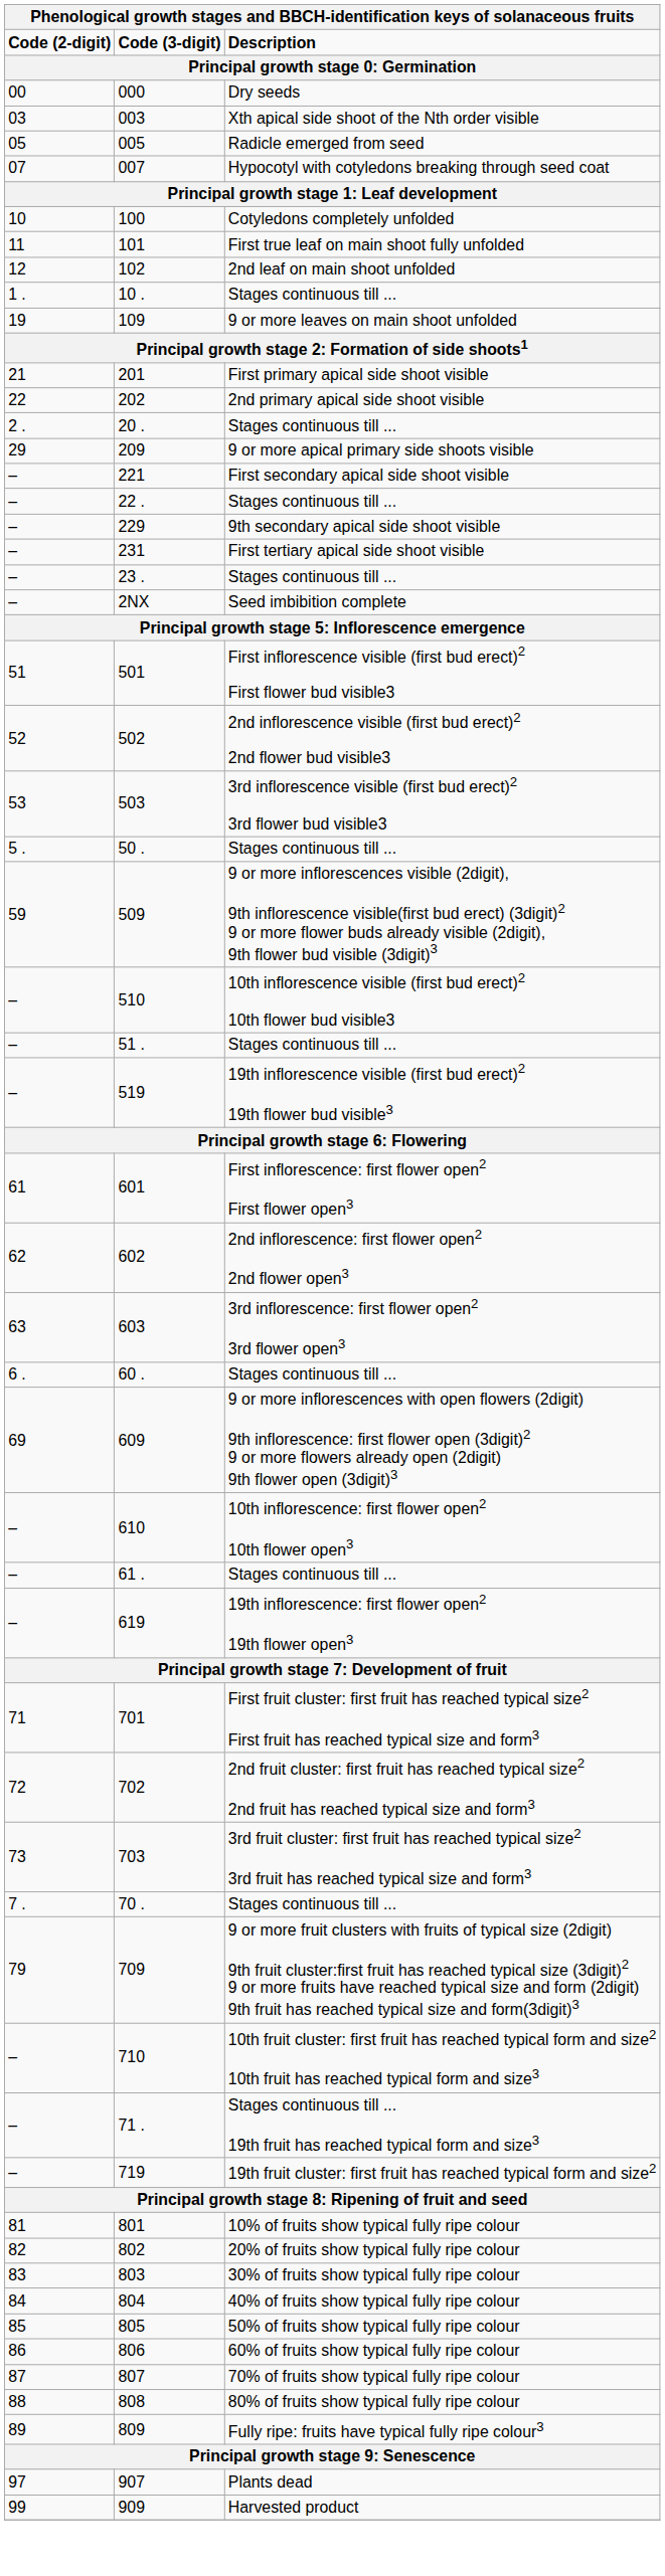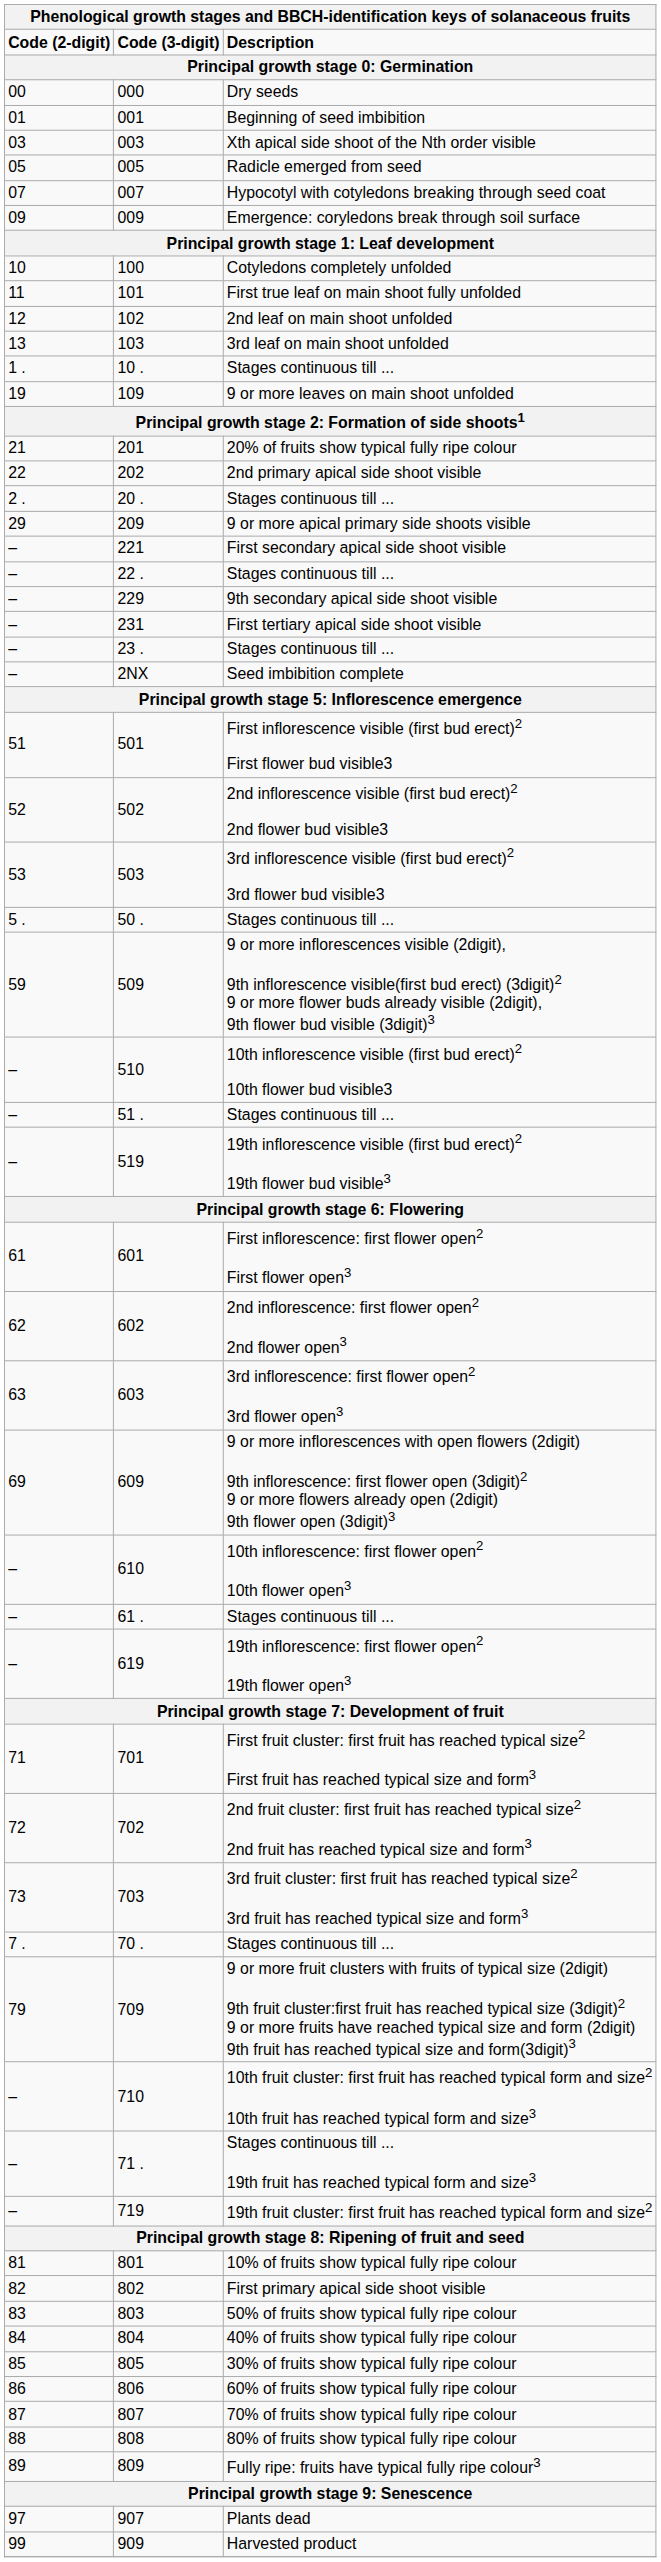 <table class="wikitable" style="clear">
 <tr>
 <th colspan=3><strong>Phenological growth stages and BBCH-identification keys of solanaceous fruits</strong><br></th>
 </tr>
 <tr>
 <td><strong>Code (2-digit)</strong></td>
 <td><strong>Code (3-digit)</strong></td>
 <td><strong>Description</strong></td>
 </tr>
 <tr>
 <th colspan=3>Principal growth stage 0: Germination</th>
 </tr>
 <tr>
 <td>00</td>
 <td>000</td>
 <td>Dry seeds</td>
 </tr>
 <tr>
+<td>01</td>
+<td>001</td>
+<td>Beginning of seed imbibition</td>
+</tr>
+<tr>
 <td>03</td>
 <td>003</td>
 <td>Xth apical side shoot of the Nth order visible</td>
 </tr>
 <tr>
 <td>05</td>
 <td>005</td>
 <td>Radicle emerged from seed</td>
 </tr>
 <tr>
 <td>07</td>
 <td>007</td>
 <td>Hypocotyl with cotyledons breaking through seed coat</td>
+</tr>
+<tr>
+<td>09</td>
+<td>009</td>
+<td>Emergence: coryledons break through soil surface</td>
 </tr>
 <tr>
 <th colspan=3>Principal growth stage 1: Leaf development</th>
 </tr>
 <tr>
 <td>10</td>
 <td>100</td>
 <td>Cotyledons completely unfolded</td>
 </tr>
 <tr>
 <td>11</td>
 <td>101</td>
 <td>First true leaf on main shoot fully unfolded</td>
 </tr>
 <tr>
 <td>12</td>
 <td>102</td>
 <td>2nd leaf on main shoot unfolded</td>
 </tr>
 <tr>
+<td>13</td>
+<td>103</td>
+<td>3rd leaf on main shoot unfolded</td>
+</tr>
+<tr>
 <td>1 .</td>
 <td>10 .</td>
 <td>Stages continuous till ...</td>
 </tr>
 <tr>
 <td>19</td>
 <td>109</td>
 <td>9 or more leaves on main shoot unfolded</td>
 </tr>
 <tr>
 <th colspan=3>Principal growth stage 2: Formation of side shoots<sup>1</sup></th>
 </tr>
 <tr>
 <td>21</td>
 <td>201</td>
-<td>First primary apical side shoot visible</td>
+<td>20% of fruits show typical fully ripe colour</td>
 </tr>
 <tr>
 <td>22</td>
 <td>202</td>
 <td>2nd primary apical side shoot visible</td>
 </tr>
 <tr>
 <td>2 .</td>
 <td>20 .</td>
 <td>Stages continuous till ...</td>
 </tr>
 <tr>
 <td>29</td>
 <td>209</td>
 <td>9 or more apical primary side shoots visible</td>
 </tr>
 <tr>
 <td>–</td>
 <td>221</td>
 <td>First secondary apical side shoot visible</td>
 </tr>
 <tr>
 <td>–</td>
 <td>22 .</td>
 <td>Stages continuous till ...</td>
 </tr>
 <tr>
 <td>–</td>
 <td>229</td>
 <td>9th secondary apical side shoot visible</td>
 </tr>
 <tr>
 <td>–</td>
 <td>231</td>
 <td>First tertiary apical side shoot visible</td>
 </tr>
 <tr>
 <td>–</td>
 <td>23 .</td>
 <td>Stages continuous till ...</td>
 </tr>
 <tr>
 <td>–</td>
 <td>2NX</td>
 <td>Seed imbibition complete</td>
 </tr>
 <tr>
 <th colspan=3>Principal growth stage 5: Inflorescence emergence</th>
 </tr>
 <tr>
 <td>51</td>
 <td>501</td>
 <td>First inflorescence visible (first bud erect)<sup>2</sup> <br><br>First flower bud visible3</td>
 </tr>
 <tr>
 <td>52</td>
 <td>502</td>
 <td>2nd inflorescence visible (first bud erect)<sup>2</sup><br><br>2nd flower bud visible3</td>
 </tr>
 <tr>
 <td>53</td>
 <td>503</td>
 <td>3rd inflorescence visible (first bud erect)<sup>2</sup><br><br>3rd flower bud visible3</td>
 </tr>
 <tr>
 <td>5 .</td>
 <td>50 .</td>
 <td>Stages continuous till ...</td>
 </tr>
 <tr>
 <td>59</td>
 <td>509</td>
 <td>9 or more inflorescences visible (2digit),<br><br>9th inflorescence visible(first bud erect) (3digit)<sup>2</sup><br> 9 or more flower buds already visible (2digit), <br> 9th flower bud visible (3digit)<sup>3</sup></td>
 </tr>
 <tr>
 <td>–</td>
 <td>510</td>
 <td>10th inflorescence visible (first bud erect)<sup>2</sup> <br><br>10th flower bud visible3</td>
 </tr>
 <tr>
 <td>–</td>
 <td>51 .</td>
 <td>Stages continuous till ...</td>
 </tr>
 <tr>
 <td>–</td>
 <td>519</td>
 <td>19th inflorescence visible (first bud erect)<sup>2</sup><br><br>19th flower bud visible<sup>3</sup></td>
 </tr>
 <tr>
 <th colspan=3>Principal growth stage 6: Flowering</th>
 </tr>
 <tr>
 <td>61</td>
 <td>601</td>
 <td>First inflorescence: first flower open<sup>2</sup><br><br>First flower open<sup>3</sup></td>
 </tr>
 <tr>
 <td>62</td>
 <td>602</td>
 <td>2nd inflorescence: first flower open<sup>2</sup><br><br>2nd flower open<sup>3</sup></td>
 </tr>
 <tr>
 <td>63</td>
 <td>603</td>
 <td>3rd inflorescence: first flower open<sup>2</sup> <br><br>3rd flower open<sup>3</sup></td>
 </tr>
 <tr>
-<td>6 .</td>
-<td>60 .</td>
-<td>Stages continuous till ...</td>
-</tr>
-<tr>
 <td>69</td>
 <td>609</td>
 <td>9 or more inflorescences with open flowers (2digit) <br><br>9th inflorescence: first flower open (3digit)<sup>2</sup> <br> 9 or more flowers already open (2digit)  <br> 9th flower open (3digit)<sup>3</sup></td>
 </tr>
 <tr>
 <td>–</td>
 <td>610</td>
 <td>10th inflorescence: first flower open<sup>2</sup> <br><br>10th flower open<sup>3</sup></td>
 </tr>
 <tr>
 <td>–</td>
 <td>61 .</td>
 <td>Stages continuous till ...</td>
 </tr>
 <tr>
 <td>–</td>
 <td>619</td>
 <td>19th inflorescence: first flower open<sup>2</sup> <br><br>19th flower open<sup>3</sup></td>
 </tr>
 <tr>
 <th colspan=3>Principal growth stage 7: Development of fruit</th>
 </tr>
 <tr>
 <td>71</td>
 <td>701</td>
 <td>First fruit cluster: first fruit has reached typical size<sup>2</sup> <br><br>First fruit has reached typical size and form<sup>3</sup></td>
 </tr>
 <tr>
 <td>72</td>
 <td>702</td>
 <td>2nd fruit cluster: first fruit has reached typical size<sup>2</sup> <br><br>2nd fruit has reached typical size and form<sup>3</sup></td>
 </tr>
 <tr>
 <td>73</td>
 <td>703</td>
 <td>3rd fruit cluster: first fruit has reached typical size<sup>2</sup> <br><br>3rd fruit has reached typical size and form<sup>3</sup></td>
 </tr>
 <tr>
 <td>7 .</td>
 <td>70 .</td>
 <td>Stages continuous till ...</td>
 </tr>
 <tr>
 <td>79</td>
 <td>709</td>
 <td>9 or more fruit clusters with fruits of typical size (2digit) <br><br>9th fruit cluster:first fruit has reached typical size (3digit)<sup>2</sup> <br> 9 or more fruits have reached typical size and form (2digit)<br> 9th fruit has reached typical size and form(3digit)<sup>3</sup></td>
 </tr>
 <tr>
 <td>–</td>
 <td>710</td>
 <td>10th fruit cluster: first fruit has reached typical form and size<sup>2</sup><br><br>10th fruit has reached typical form and size<sup>3</sup></td>
 </tr>
 <tr>
 <td>–</td>
 <td>71 .</td>
 <td>Stages continuous till ...<br><br>19th fruit has reached typical form and size<sup>3</sup></td>
 </tr>
 <tr>
 <td>–</td>
 <td>719</td>
 <td>19th fruit cluster: first fruit has reached typical form and size<sup>2</sup></td>
 </tr>
 <tr>
 <th colspan=3>Principal growth stage 8: Ripening of fruit and seed</th>
 </tr>
 <tr>
 <td>81</td>
 <td>801</td>
 <td>10% of fruits show typical fully ripe colour</td>
 </tr>
 <tr>
 <td>82</td>
 <td>802</td>
-<td>20% of fruits show typical fully ripe colour</td>
+<td>First primary apical side shoot visible</td>
 </tr>
 <tr>
 <td>83</td>
 <td>803</td>
-<td>30% of fruits show typical fully ripe colour</td>
+<td>50% of fruits show typical fully ripe colour</td>
 </tr>
 <tr>
 <td>84</td>
 <td>804</td>
 <td>40% of fruits show typical fully ripe colour</td>
 </tr>
 <tr>
 <td>85</td>
 <td>805</td>
-<td>50% of fruits show typical fully ripe colour</td>
+<td>30% of fruits show typical fully ripe colour</td>
 </tr>
 <tr>
 <td>86</td>
 <td>806</td>
 <td>60% of fruits show typical fully ripe colour</td>
 </tr>
 <tr>
 <td>87</td>
 <td>807</td>
 <td>70% of fruits show typical fully ripe colour</td>
 </tr>
 <tr>
 <td>88</td>
 <td>808</td>
 <td>80% of fruits show typical fully ripe colour</td>
 </tr>
 <tr>
 <td>89</td>
 <td>809</td>
 <td>Fully ripe: fruits have typical fully ripe colour<sup>3</sup></td>
 </tr>
 <tr>
 <th colspan=3>Principal growth stage 9: Senescence</th>
 </tr>
 <tr>
 <td>97</td>
 <td>907</td>
 <td>Plants dead</td>
 </tr>
 <tr>
 <td>99</td>
 <td>909</td>
 <td>Harvested product</td>
 </tr>
 <tr>
 </tr>
 </table>
